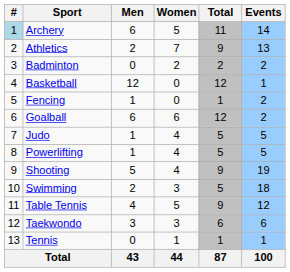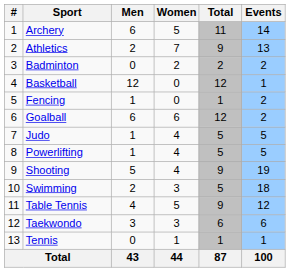 <table class="wikitable sortable" style="text-align:center;">
 <tr>
 <th width=20>#</th>
 <th width=120>Sport</th>
 <th width=55>Men</th>
 <th width=55>Women</th>
 <th width=55>Total</th>
 <th width=55>Events</th>
 </tr>
 <tr>
-<td align=center style="background: lightblue;">1</td>
+<td align=center>1</td>
 <td align=left><a href='#'>Archery</a></td>
 <td>6</td>
 <td>5</td>
 <td bgcolor=silver>11</td>
 <td bgcolor=#9acdff>14</td>
 </tr>
 <tr>
 <td align=center>2</td>
 <td align=left><a href='#'>Athletics</a></td>
 <td>2</td>
 <td>7</td>
 <td bgcolor=silver>9</td>
 <td bgcolor=#9acdff>13</td>
 </tr>
 <tr>
 <td align=center>3</td>
 <td align=left><a href='#'>Badminton</a></td>
 <td>0</td>
 <td>2</td>
 <td bgcolor=silver>2</td>
 <td bgcolor=#9acdff>2</td>
 </tr>
 <tr>
 <td align=center>4</td>
 <td align=left><a href='#'>Basketball</a></td>
 <td>12</td>
 <td>0</td>
 <td bgcolor=silver>12</td>
 <td bgcolor=#9acdff>1</td>
 </tr>
 <tr>
 <td align=center>5</td>
 <td align=left><a href='#'>Fencing</a></td>
 <td>1</td>
 <td>0</td>
 <td bgcolor=silver>1</td>
 <td bgcolor=#9acdff>2</td>
 </tr>
 <tr>
 <td align=center>6</td>
 <td align=left><a href='#'>Goalball</a></td>
 <td>6</td>
 <td>6</td>
 <td bgcolor=silver>12</td>
 <td bgcolor=#9acdff>2</td>
 </tr>
 <tr>
 <td align=center>7</td>
 <td align=left><a href='#'>Judo</a></td>
 <td>1</td>
 <td>4</td>
 <td bgcolor=silver>5</td>
 <td bgcolor=#9acdff>5</td>
 </tr>
 <tr>
 <td align=center>8</td>
 <td align=left><a href='#'>Powerlifting</a></td>
 <td>1</td>
 <td>4</td>
 <td bgcolor=silver>5</td>
 <td bgcolor=#9acdff>5</td>
 </tr>
 <tr>
 <td align=center>9</td>
 <td align=left><a href='#'>Shooting</a></td>
 <td>5</td>
 <td>4</td>
 <td bgcolor=silver>9</td>
 <td bgcolor=#9acdff>19</td>
 </tr>
 <tr>
 <td align=center>10</td>
 <td align=left><a href='#'>Swimming</a></td>
 <td>2</td>
 <td>3</td>
 <td bgcolor=silver>5</td>
 <td bgcolor=#9acdff>18</td>
 </tr>
 <tr>
 <td align=center>11</td>
 <td align=left><a href='#'>Table Tennis</a></td>
 <td>4</td>
 <td>5</td>
 <td bgcolor=silver>9</td>
 <td bgcolor=#9acdff>12</td>
 </tr>
 <tr>
 <td align=center>12</td>
 <td align=left><a href='#'>Taekwondo</a></td>
 <td>3</td>
 <td>3</td>
 <td bgcolor=silver>6</td>
 <td bgcolor=#9acdff>6</td>
 </tr>
 <tr>
 <td align=center>13</td>
 <td align=left><a href='#'>Tennis</a></td>
 <td>0</td>
 <td>1</td>
 <td bgcolor=silver>1</td>
 <td bgcolor=#9acdff>1</td>
 </tr>
 <tr class="sortbottom">
 <th colspan=2>Total</th>
 <th>43</th>
 <th>44</th>
 <th>87</th>
 <th>100</th>
 </tr>
 </table>
